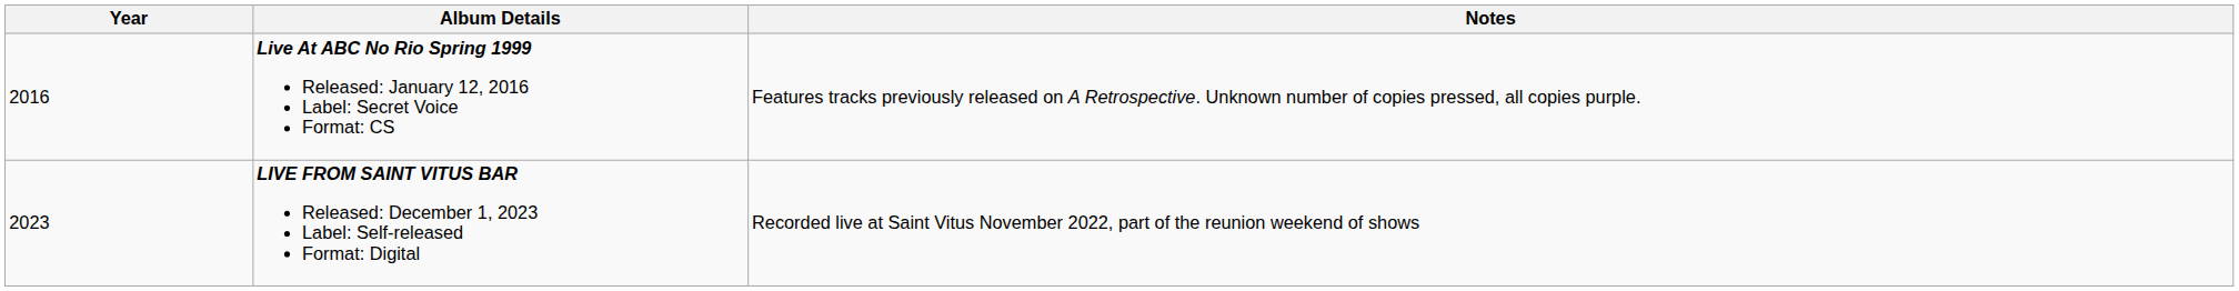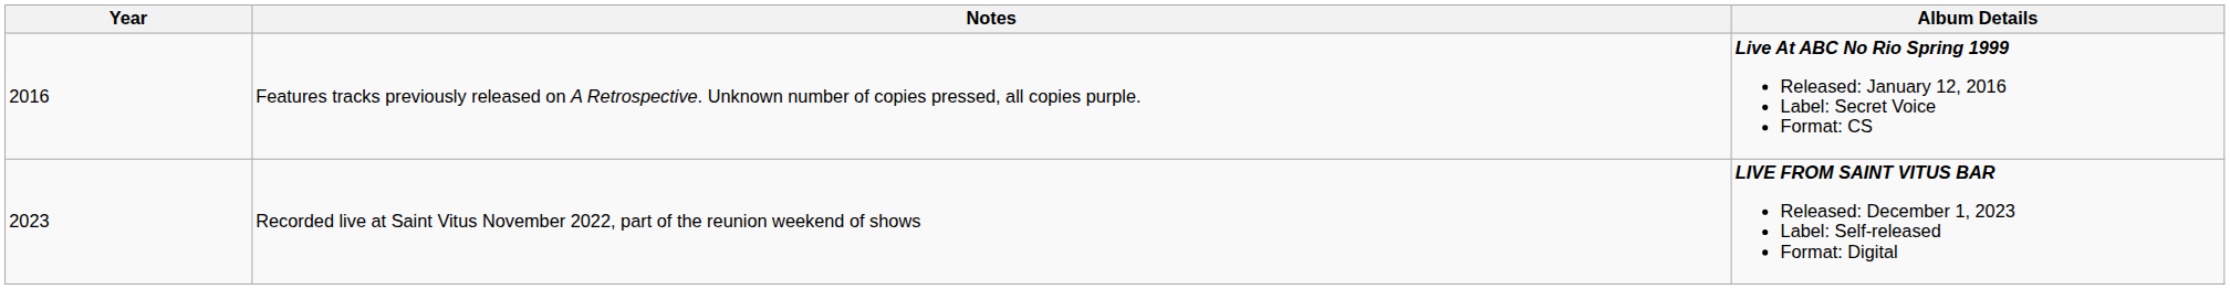 <table class ="wikitable">
 <tr>
 <th style="width: 5%">Year</th>
+<th style="width:30%">Notes</th>
 <th style="width:10%">Album Details</th>
-<th style="width:30%">Notes</th>
 </tr>
 <tr>
 <td>2016</td>
+<td>Features tracks previously released on <em>A Retrospective</em>. Unknown number of copies pressed, all copies purple.</td>
 <td><strong><em>Live At ABC No Rio Spring 1999</em></strong><br><ul><li>Released: January 12, 2016</li><li>Label: Secret Voice</li><li>Format: CS</li></ul></td>
-<td>Features tracks previously released on <em>A Retrospective</em>. Unknown number of copies pressed, all copies purple.</td>
 </tr>
 <tr>
 <td>2023</td>
+<td>Recorded live at Saint Vitus November 2022, part of the reunion weekend of shows</td>
 <td><strong><em>LIVE FROM SAINT VITUS BAR</em></strong><br><ul><li>Released: December 1, 2023</li><li>Label: Self-released</li><li>Format: Digital</li></ul></td>
-<td>Recorded live at Saint Vitus November 2022, part of the reunion weekend of shows</td>
 </tr>
 </table>
